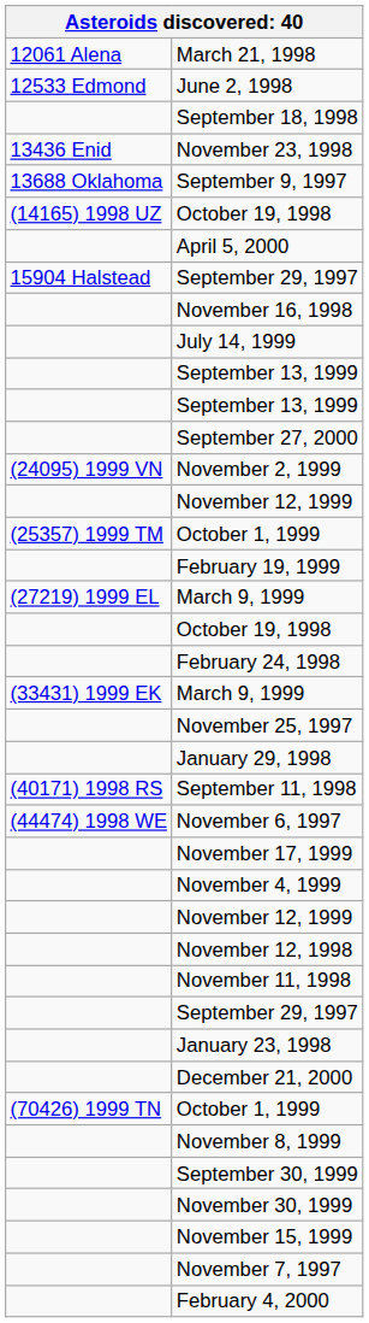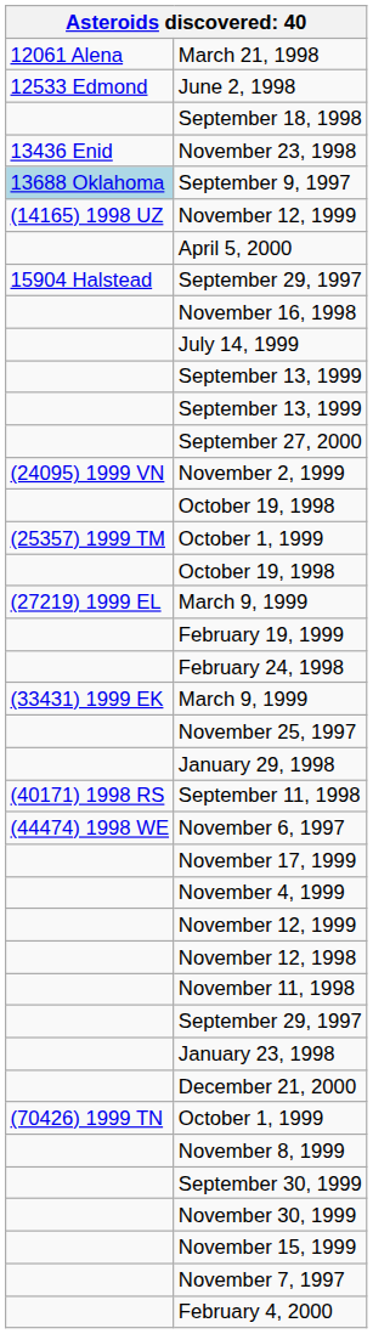 <table class="wikitable collapsible floatright" style="font-size:89%">
 <tr>
 <th colspan="2" style="white-space: nowrap;"><a href='#'>Asteroids</a> discovered: 40</th>
 </tr>
 <tr>
 <td><a href='#'>12061 Alena</a></td>
 <td>March 21, 1998</td>
 </tr>
 <tr>
 <td><a href='#'>12533 Edmond</a></td>
 <td>June 2, 1998</td>
 </tr>
 <tr>
 <td></td>
 <td>September 18, 1998</td>
 </tr>
 <tr>
 <td><a href='#'>13436 Enid</a></td>
 <td>November 23, 1998</td>
 </tr>
 <tr>
-<td><a href='#'>13688 Oklahoma</a></td>
+<td style="background: lightblue;"><a href='#'>13688 Oklahoma</a></td>
 <td>September 9, 1997</td>
 </tr>
 <tr>
 <td><a href='#'>(14165) 1998 UZ</a></td>
-<td>October 19, 1998</td>
+<td>November 12, 1999</td>
 </tr>
 <tr>
 <td></td>
 <td>April 5, 2000</td>
 </tr>
 <tr>
 <td><a href='#'>15904 Halstead</a></td>
 <td>September 29, 1997</td>
 </tr>
 <tr>
 <td></td>
 <td>November 16, 1998</td>
 </tr>
 <tr>
 <td></td>
 <td>July 14, 1999</td>
 </tr>
 <tr>
 <td></td>
 <td>September 13, 1999</td>
 </tr>
 <tr>
 <td></td>
 <td>September 13, 1999</td>
 </tr>
 <tr>
 <td></td>
 <td>September 27, 2000</td>
 </tr>
 <tr>
 <td><a href='#'>(24095) 1999 VN</a></td>
 <td>November 2, 1999</td>
 </tr>
 <tr>
 <td></td>
-<td>November 12, 1999</td>
+<td>October 19, 1998</td>
 </tr>
 <tr>
 <td><a href='#'>(25357) 1999 TM</a></td>
 <td>October 1, 1999</td>
 </tr>
 <tr>
 <td></td>
-<td>February 19, 1999</td>
+<td>October 19, 1998</td>
 </tr>
 <tr>
 <td><a href='#'>(27219) 1999 EL</a></td>
 <td>March 9, 1999</td>
 </tr>
 <tr>
 <td></td>
-<td>October 19, 1998</td>
+<td>February 19, 1999</td>
 </tr>
 <tr>
 <td></td>
 <td>February 24, 1998</td>
 </tr>
 <tr>
 <td><a href='#'>(33431) 1999 EK</a></td>
 <td>March 9, 1999</td>
 </tr>
 <tr>
 <td></td>
 <td>November 25, 1997</td>
 </tr>
 <tr>
 <td></td>
 <td>January 29, 1998</td>
 </tr>
 <tr>
 <td><a href='#'>(40171) 1998 RS</a></td>
 <td>September 11, 1998</td>
 </tr>
 <tr>
 <td><a href='#'>(44474) 1998 WE</a></td>
 <td>November 6, 1997</td>
 </tr>
 <tr>
 <td></td>
 <td>November 17, 1999</td>
 </tr>
 <tr>
 <td></td>
 <td>November 4, 1999</td>
 </tr>
 <tr>
 <td></td>
 <td>November 12, 1999</td>
 </tr>
 <tr>
 <td></td>
 <td>November 12, 1998</td>
 </tr>
 <tr>
 <td></td>
 <td>November 11, 1998</td>
 </tr>
 <tr>
 <td></td>
 <td>September 29, 1997</td>
 </tr>
 <tr>
 <td></td>
 <td>January 23, 1998</td>
 </tr>
 <tr>
 <td></td>
 <td>December 21, 2000</td>
 </tr>
 <tr>
 <td><a href='#'>(70426) 1999 TN</a></td>
 <td>October 1, 1999</td>
 </tr>
 <tr>
 <td></td>
 <td>November 8, 1999</td>
 </tr>
 <tr>
 <td></td>
 <td>September 30, 1999</td>
 </tr>
 <tr>
 <td></td>
 <td>November 30, 1999</td>
 </tr>
 <tr>
 <td></td>
 <td>November 15, 1999</td>
 </tr>
 <tr>
 <td></td>
 <td>November 7, 1997</td>
 </tr>
 <tr>
 <td></td>
 <td>February 4, 2000</td>
 </tr>
 </table>
